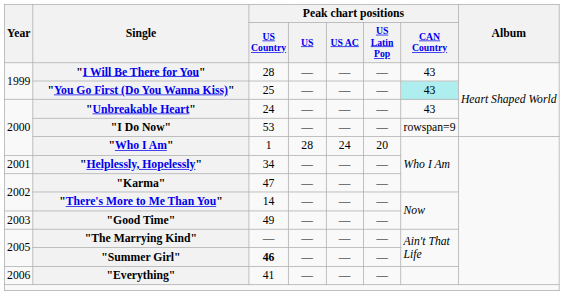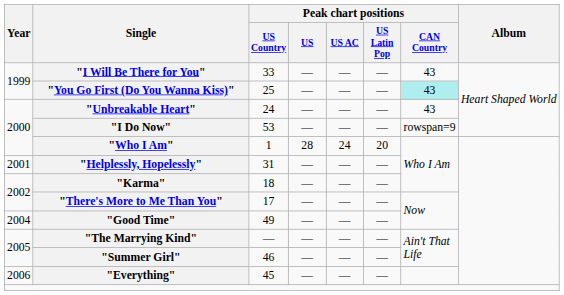 <table class="wikitable plainrowheaders" style="text-align:center;">
 <tr>
 <th rowspan="2">Year</th>
 <th rowspan="2" style="width:18em;">Single</th>
 <th colspan="5">Peak chart positions</th>
 <th rowspan="2">Album</th>
 </tr>
 <tr style="font-size:smaller;">
 <th width="45"><a href='#'>US Country</a><br></th>
 <th width="45"><a href='#'>US</a><br></th>
 <th width="45"><a href='#'>US AC</a><br></th>
 <th width="45"><a href='#'>US Latin Pop</a><br></th>
 <th width="45"><a href='#'>CAN Country</a><br></th>
 </tr>
 <tr>
 <td rowspan="2">1999</td>
 <th scope="row">"<a href='#'>I Will Be There for You</a>"</th>
-<td>28</td>
+<td>33</td>
 <td>—</td>
 <td>—</td>
 <td>—</td>
 <td>43</td>
 <td align="left" rowspan="4"><em>Heart Shaped World</em></td>
 </tr>
 <tr>
 <th scope="row">"<a href='#'>You Go First (Do You Wanna Kiss)</a>"</th>
 <td>25</td>
 <td>—</td>
 <td>—</td>
 <td>—</td>
 <td style="background: paleturquoise;">43</td>
 </tr>
 <tr>
 <td rowspan="3">2000</td>
 <th scope="row">"<a href='#'>Unbreakable Heart</a>"</th>
 <td>24</td>
 <td>—</td>
 <td>—</td>
 <td>—</td>
 <td>43</td>
 </tr>
 <tr>
 <th scope="row">"I Do Now"</th>
 <td>53</td>
 <td>—</td>
 <td>—</td>
 <td>—</td>
 <td>rowspan=9 </td>
 </tr>
 <tr>
 <th scope="row">"<a href='#'>Who I Am</a>"</th>
 <td>1</td>
 <td>28</td>
 <td>24</td>
 <td>20</td>
 <td align="left" rowspan="3"><em>Who I Am</em></td>
 </tr>
 <tr>
 <td>2001</td>
 <th scope="row">"<a href='#'>Helplessly, Hopelessly</a>"</th>
-<td>34</td>
+<td>31</td>
 <td>—</td>
 <td>—</td>
 <td>—</td>
 </tr>
 <tr>
 <td rowspan="2">2002</td>
 <th scope="row">"Karma"</th>
-<td>47</td>
+<td>18</td>
 <td>—</td>
 <td>—</td>
 <td>—</td>
 </tr>
 <tr>
 <th scope="row">"<a href='#'>There's More to Me Than You</a>"</th>
-<td>14</td>
+<td>17</td>
 <td>—</td>
 <td>—</td>
 <td>—</td>
 <td align="left" rowspan="2"><em>Now</em></td>
 </tr>
 <tr>
-<td>2003</td>
+<td>2004</td>
 <th scope="row">"Good Time"</th>
 <td>49</td>
 <td>—</td>
 <td>—</td>
 <td>—</td>
 </tr>
 <tr>
 <td rowspan="2">2005</td>
 <th scope="row">"The Marrying Kind"</th>
 <td>—</td>
 <td>—</td>
 <td>—</td>
 <td>—</td>
 <td align="left" rowspan="2"><em>Ain't That Life</em> </td>
 </tr>
 <tr>
 <th scope="row">"Summer Girl"</th>
-<td><strong>46</strong></td>
+<td>46</td>
 <td>—</td>
 <td>—</td>
 <td>—</td>
 </tr>
 <tr>
 <td>2006</td>
 <th scope="row">"Everything"</th>
-<td>41</td>
+<td>45</td>
 <td>—</td>
 <td>—</td>
 <td>—</td>
 <td></td>
 </tr>
 <tr>
 <td colspan=8></td>
 </tr>
 </table>
